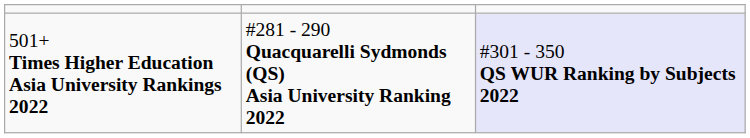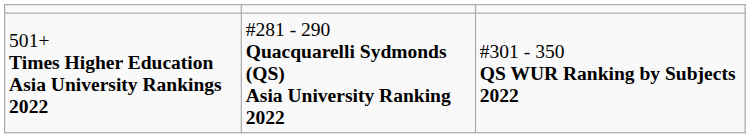 <table class="wikitable">
 <tr>
 <td></td>
 <td></td>
 <td></td>
 </tr>
 <tr>
 <td>501+<br><strong>Times Higher Education</strong><br><strong>Asia University Rankings 2022</strong></td>
 <td>#281 - 290<br><strong>Quacquarelli Sydmonds (QS)</strong><br><strong>Asia University Ranking 2022</strong></td>
-<td style="background: lavender;">#301 - 350<br><strong>QS WUR Ranking</strong> <strong>by Subjects 2022</strong></td>
+<td>#301 - 350<br><strong>QS WUR Ranking</strong> <strong>by Subjects 2022</strong></td>
 </tr>
 </table>
